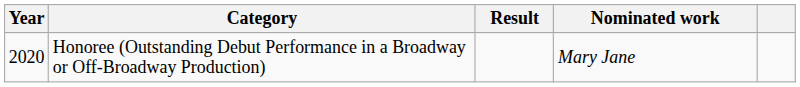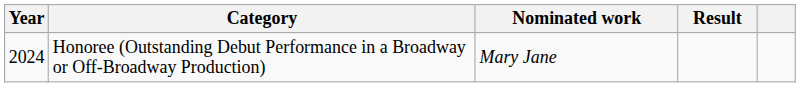 <table class="wikitable" style="width:80%;">
 <tr>
 <th style="width:4%;">Year</th>
 <th style="width:55%;">Category</th>
+<th style="width:26%;">Nominated work</th>
 <th style="width:10%;">Result</th>
-<th style="width:26%;">Nominated work</th>
 <th width=5%></th>
 </tr>
 <tr>
-<td align="center">2020</td>
+<td align="center">2024</td>
 <td>Honoree (Outstanding Debut Performance in a Broadway or Off-Broadway Production)</td>
+<td><em>Mary Jane</em></td>
 <td></td>
-<td><em>Mary Jane</em></td>
 <td></td>
 </tr>
 </table>
